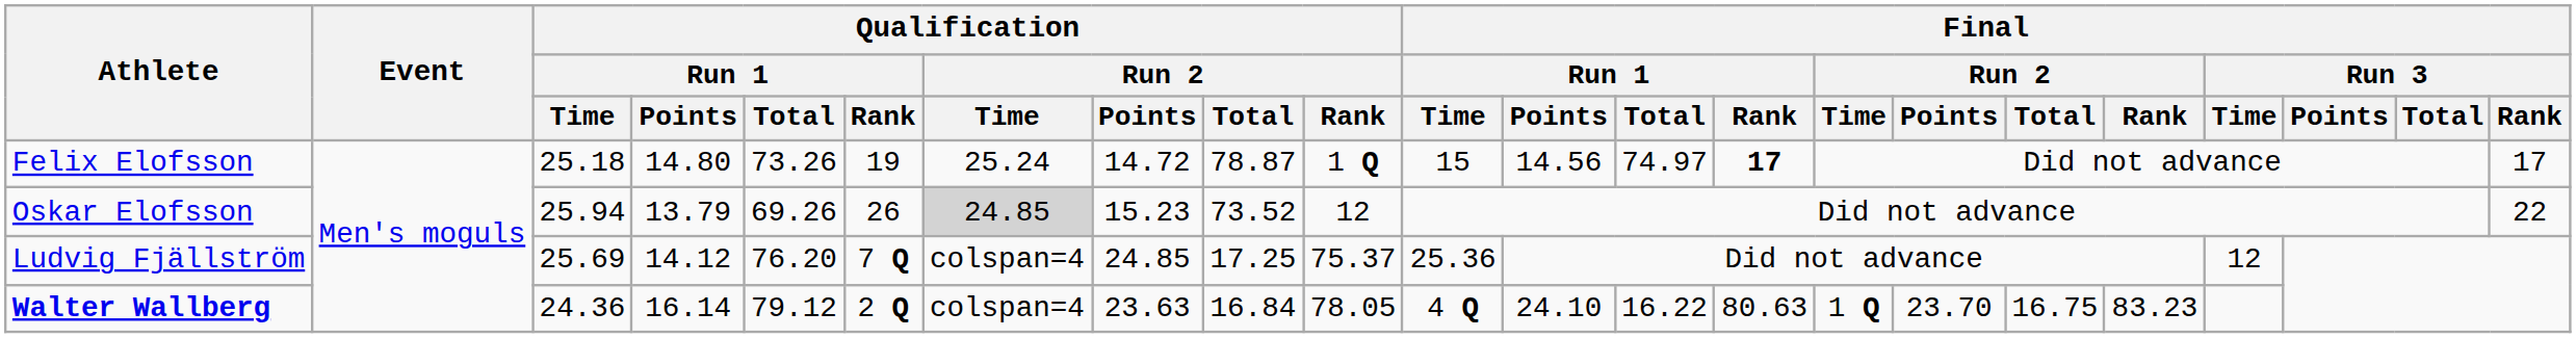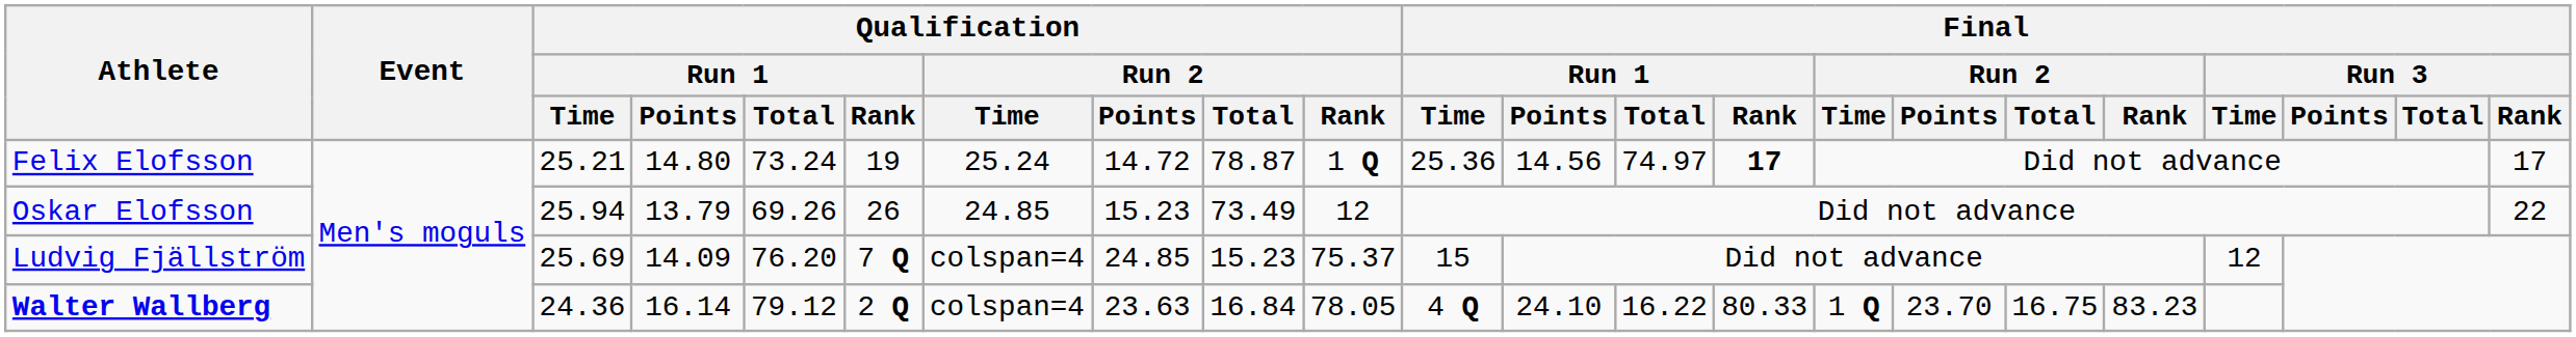 <table class="wikitable" style="font-size:90%">
 <tr>
 <th rowspan=3>Athlete</th>
 <th rowspan=3>Event</th>
 <th colspan=8>Qualification</th>
 <th colspan=12>Final</th>
 </tr>
 <tr style="font-size:95%">
 <th colspan=4>Run 1</th>
 <th colspan=4>Run 2</th>
 <th colspan=4>Run 1</th>
 <th colspan=4>Run 2</th>
 <th colspan=4>Run 3</th>
 </tr>
 <tr style="font-size:95%">
 <th>Time</th>
 <th>Points</th>
 <th>Total</th>
 <th>Rank</th>
 <th>Time</th>
 <th>Points</th>
 <th>Total</th>
 <th>Rank</th>
 <th>Time</th>
 <th>Points</th>
 <th>Total</th>
 <th>Rank</th>
 <th>Time</th>
 <th>Points</th>
 <th>Total</th>
 <th>Rank</th>
 <th>Time</th>
 <th>Points</th>
 <th>Total</th>
 <th>Rank</th>
 </tr>
 <tr align=center>
 <td align=left><a href='#'>Felix Elofsson</a></td>
 <td align=left rowspan=4><a href='#'>Men's moguls</a></td>
-<td>25.18</td>
+<td>25.21</td>
 <td>14.80</td>
-<td>73.26</td>
+<td>73.24</td>
 <td>19</td>
 <td>25.24</td>
 <td>14.72</td>
 <td>78.87</td>
 <td>1 <strong>Q</strong></td>
-<td>15</td>
+<td>25.36</td>
 <td>14.56</td>
 <td>74.97</td>
 <td><strong>17</strong></td>
 <td colspan=7>Did not advance</td>
 <td>17</td>
 </tr>
 <tr align=center>
 <td align=left><a href='#'>Oskar Elofsson</a></td>
 <td>25.94</td>
 <td>13.79</td>
 <td>69.26</td>
 <td>26</td>
-<td style="background: lightgrey;">24.85</td>
+<td>24.85</td>
 <td>15.23</td>
-<td>73.52</td>
+<td>73.49</td>
 <td>12</td>
 <td colspan=11>Did not advance</td>
 <td>22</td>
 </tr>
 <tr align=center>
 <td align=left><a href='#'>Ludvig Fjällström</a></td>
 <td>25.69</td>
-<td>14.12</td>
+<td>14.09</td>
 <td>76.20</td>
 <td>7 <strong>Q</strong></td>
 <td>colspan=4 </td>
 <td>24.85</td>
-<td>17.25</td>
+<td>15.23</td>
 <td>75.37</td>
-<td>25.36</td>
+<td>15</td>
 <td colspan=7>Did not advance</td>
 <td>12</td>
 </tr>
 <tr align=center>
 <td align=left><strong><a href='#'>Walter Wallberg</a></strong></td>
 <td>24.36</td>
 <td>16.14</td>
 <td>79.12</td>
 <td>2 <strong>Q</strong></td>
 <td>colspan=4 </td>
 <td>23.63</td>
 <td>16.84</td>
 <td>78.05</td>
 <td>4 <strong>Q</strong></td>
 <td>24.10</td>
 <td>16.22</td>
-<td>80.63</td>
+<td>80.33</td>
 <td>1 <strong>Q</strong></td>
 <td>23.70</td>
 <td>16.75</td>
 <td>83.23</td>
 <td></td>
 </tr>
 </table>
